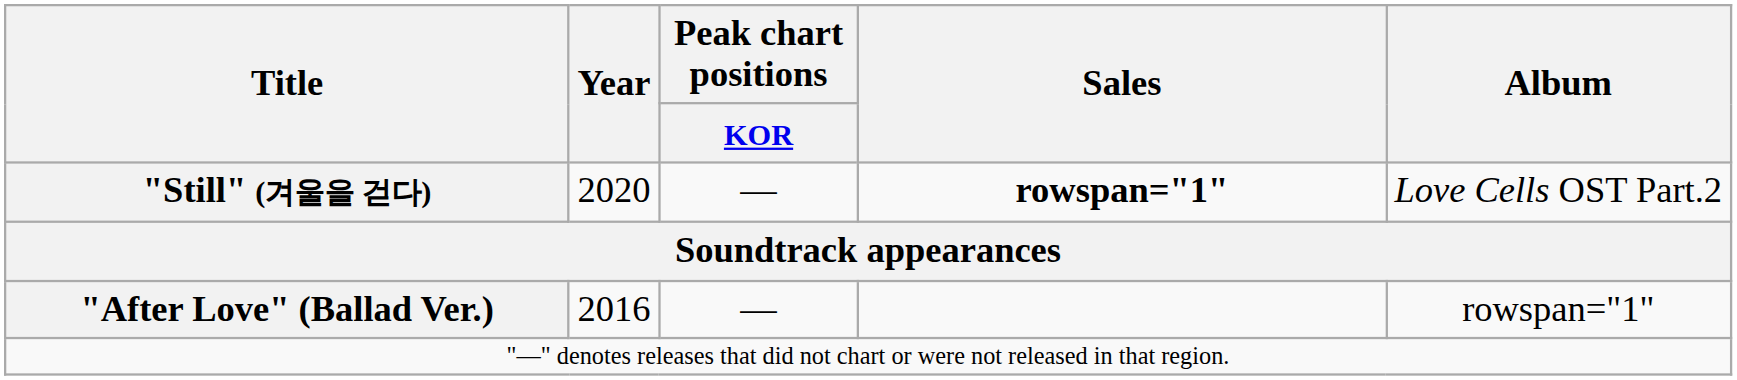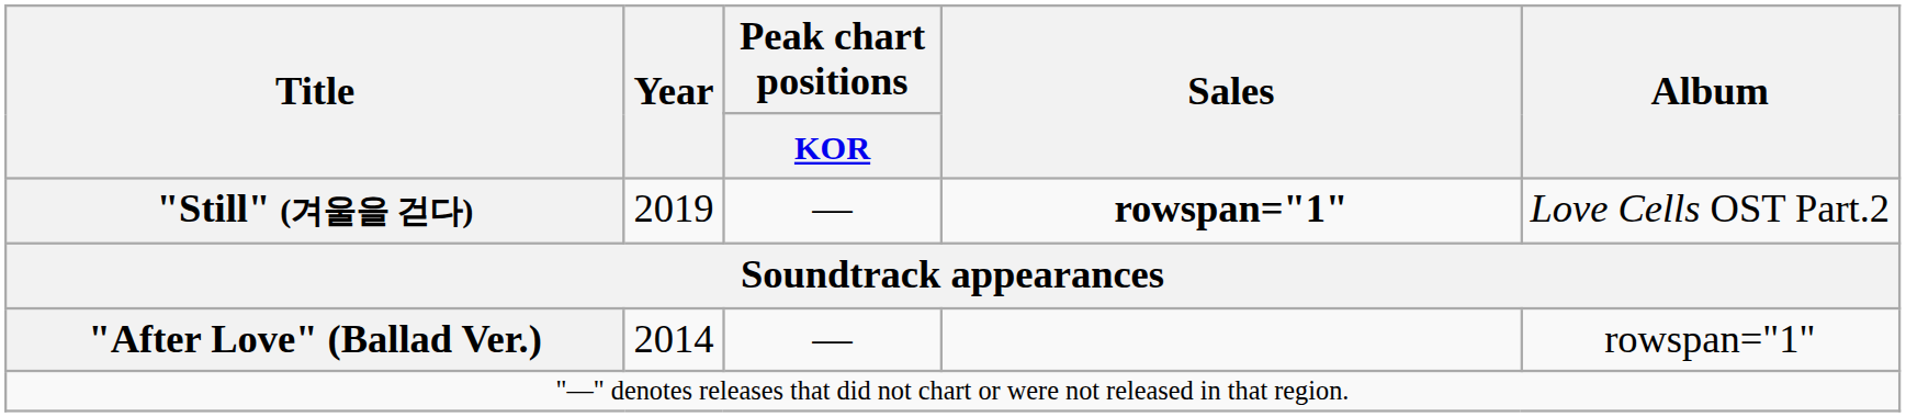 <table class="wikitable plainrowheaders" style="text-align:center;" border="1">
 <tr>
 <th rowspan="2" scope="col" style="width:15em;">Title</th>
 <th rowspan="2" scope="col">Year</th>
 <th colspan="1" scope="col" style="width:5em;">Peak chart positions</th>
 <th rowspan="2" scope="col" style="width:14em;">Sales</th>
 <th rowspan="2" scope="col" style="width:9em;">Album</th>
 </tr>
 <tr>
 <th><small><a href='#'>KOR</a></small><br></th>
 </tr>
 <tr>
 <th scope="row">"Still" <small>(겨울을 걷다)</small></th>
-<td>2020</td>
+<td>2019</td>
 <td>—</td>
 <td><strong>rowspan="1" </strong></td>
 <td><em>Love Cells</em> OST Part.2</td>
 </tr>
 <tr>
 <th colspan="6">Soundtrack appearances</th>
 </tr>
 <tr>
 <th scope="row">"After Love" (Ballad Ver.) </th>
-<td>2016</td>
+<td>2014</td>
 <td>—</td>
 <td></td>
 <td>rowspan="1" </td>
 </tr>
 <tr>
 <td colspan="5" style="font-size:8pt;">"—" denotes releases that did not chart or were not released in that region.</td>
 </tr>
 </table>
